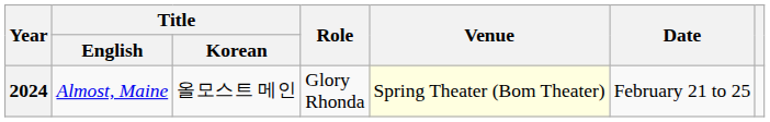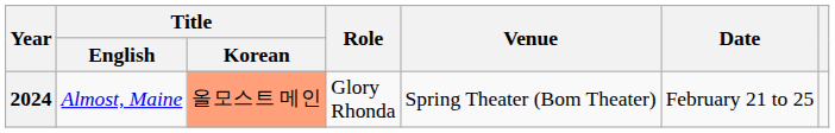 <table class="wikitable plainrowheaders">
 <tr>
 <th scope="col" rowspan="2">Year</th>
 <th scope="col" colspan="2">Title</th>
 <th scope="col" rowspan="2">Role</th>
 <th scope="col" rowspan="2">Venue</th>
 <th scope="col" rowspan="2">Date</th>
 <th rowspan="2" scope="col" class="unsortable"></th>
 </tr>
 <tr>
 <th>English</th>
 <th>Korean</th>
 </tr>
 <tr>
 <th scope="row">2024</th>
 <td><em><a href='#'>Almost, Maine</a></em></td>
-<td>올모스트 메인</td>
+<td style="background: lightsalmon;">올모스트 메인</td>
 <td>Glory<br>Rhonda</td>
-<td style="background: lightyellow;">Spring Theater (Bom Theater)</td>
+<td>Spring Theater (Bom Theater)</td>
 <td>February 21 to 25</td>
 <td></td>
 </tr>
 </table>
